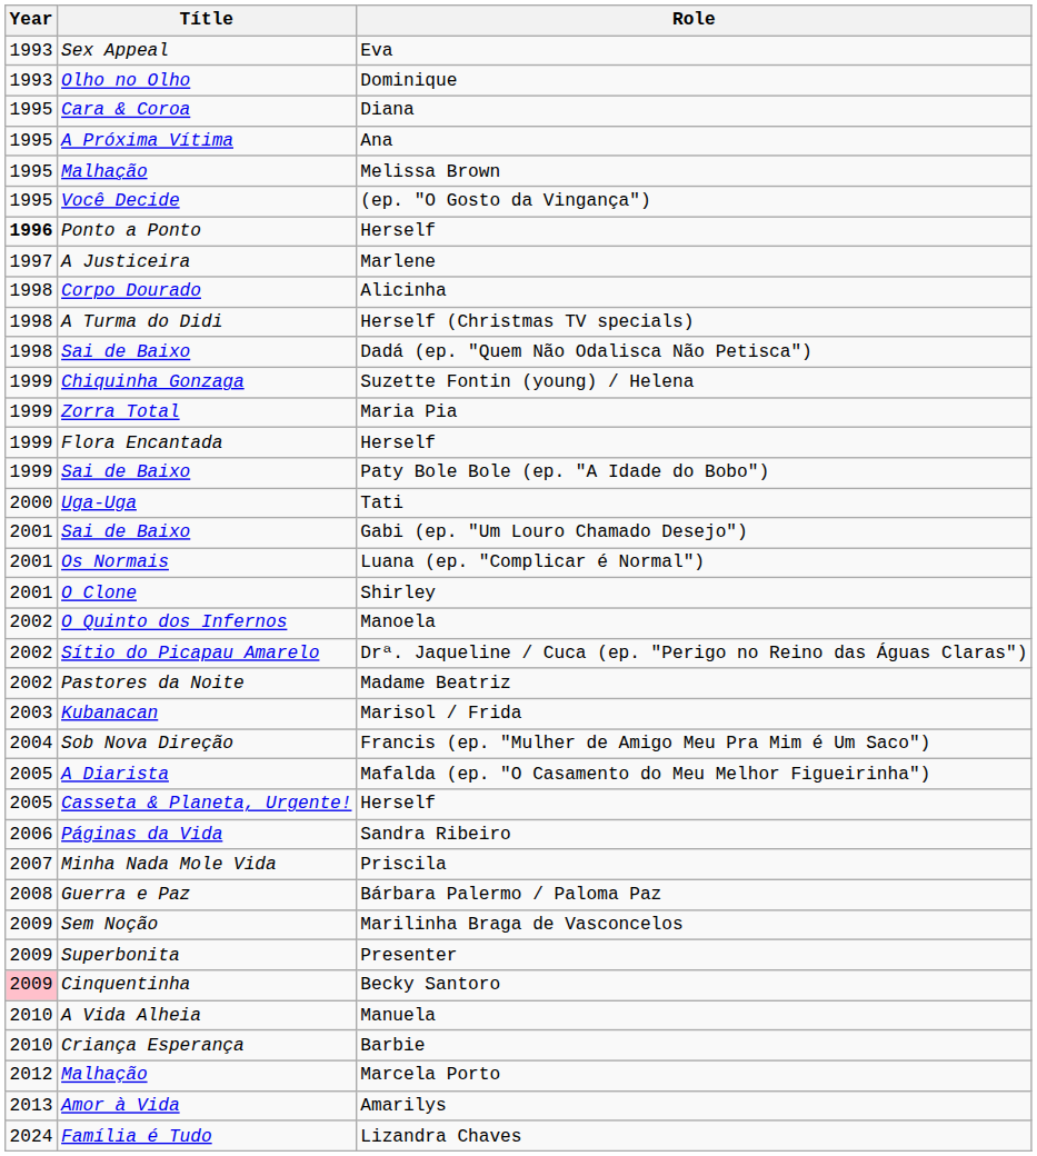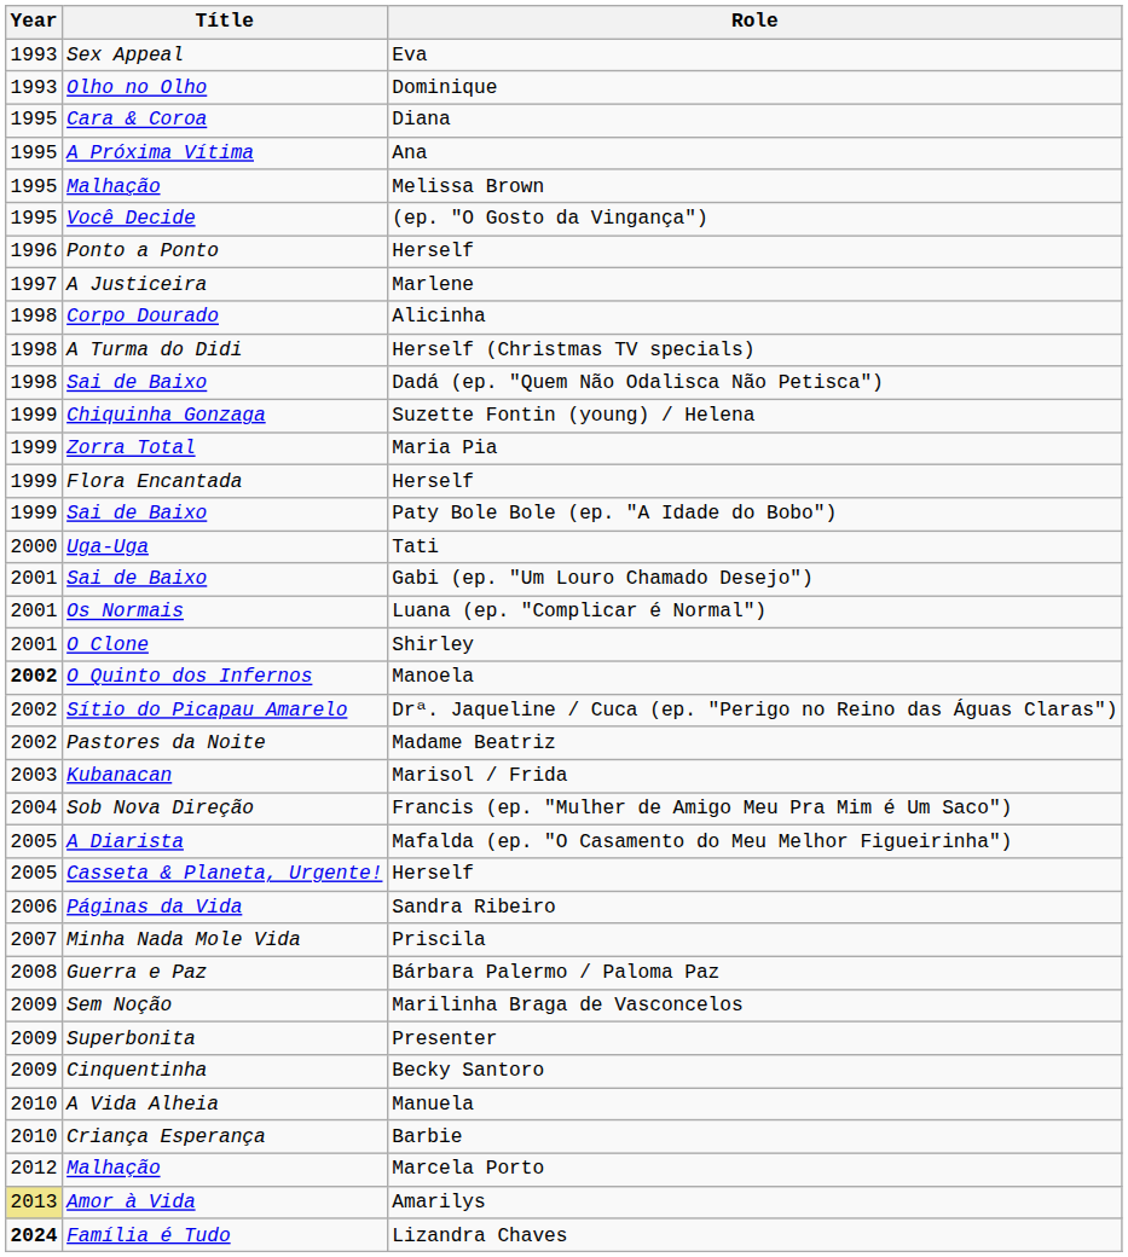 <table class="wikitable" style="font-size: 90%;">
 <tr>
 <th>Year</th>
 <th>Títle</th>
 <th>Role</th>
 </tr>
 <tr>
 <td>1993</td>
 <td><em>Sex Appeal</em></td>
 <td>Eva</td>
 </tr>
 <tr>
 <td>1993</td>
 <td><em><a href='#'>Olho no Olho</a></em></td>
 <td>Dominique</td>
 </tr>
 <tr>
 <td>1995</td>
 <td><em><a href='#'>Cara & Coroa</a></em></td>
 <td>Diana</td>
 </tr>
 <tr>
 <td>1995</td>
 <td><em><a href='#'>A Próxima Vítima</a></em></td>
 <td>Ana</td>
 </tr>
 <tr>
 <td>1995</td>
 <td><em><a href='#'>Malhação</a></em></td>
 <td>Melissa Brown</td>
 </tr>
 <tr>
 <td>1995</td>
 <td><em><a href='#'>Você Decide</a></em></td>
 <td>(ep. "O Gosto da Vingança")</td>
 </tr>
 <tr>
-<td><strong>1996</strong></td>
+<td>1996</td>
 <td><em>Ponto a Ponto</em></td>
 <td>Herself</td>
 </tr>
 <tr>
 <td>1997</td>
 <td><em>A Justiceira</em></td>
 <td>Marlene</td>
 </tr>
 <tr>
 <td>1998</td>
 <td><em><a href='#'>Corpo Dourado</a></em></td>
 <td>Alicinha</td>
 </tr>
 <tr>
 <td>1998</td>
 <td><em>A Turma do Didi</em></td>
 <td>Herself (Christmas TV specials)</td>
 </tr>
 <tr>
 <td>1998</td>
 <td><em><a href='#'>Sai de Baixo</a></em></td>
 <td>Dadá (ep. "Quem Não Odalisca Não Petisca")</td>
 </tr>
 <tr>
 <td>1999</td>
 <td><em><a href='#'>Chiquinha Gonzaga</a></em></td>
 <td>Suzette Fontin (young) / Helena</td>
 </tr>
 <tr>
 <td>1999</td>
 <td><em><a href='#'>Zorra Total</a></em></td>
 <td>Maria Pia</td>
 </tr>
 <tr>
 <td>1999</td>
 <td><em>Flora Encantada</em></td>
 <td>Herself</td>
 </tr>
 <tr>
 <td>1999</td>
 <td><em><a href='#'>Sai de Baixo</a></em></td>
 <td>Paty Bole Bole (ep. "A Idade do Bobo")</td>
 </tr>
 <tr>
 <td>2000</td>
 <td><em><a href='#'>Uga-Uga</a></em></td>
 <td>Tati</td>
 </tr>
 <tr>
 <td>2001</td>
 <td><em><a href='#'>Sai de Baixo</a></em></td>
 <td>Gabi (ep. "Um Louro Chamado Desejo")</td>
 </tr>
 <tr>
 <td>2001</td>
 <td><em><a href='#'>Os Normais</a></em></td>
 <td>Luana (ep. "Complicar é Normal")</td>
 </tr>
 <tr>
 <td>2001</td>
 <td><em><a href='#'>O Clone</a></em></td>
 <td>Shirley</td>
 </tr>
 <tr>
-<td>2002</td>
+<td><strong>2002</strong></td>
 <td><em><a href='#'>O Quinto dos Infernos</a></em></td>
 <td>Manoela</td>
 </tr>
 <tr>
 <td>2002</td>
 <td><em><a href='#'>Sítio do Picapau Amarelo</a></em></td>
 <td>Drª. Jaqueline / Cuca (ep. "Perigo no Reino das Águas Claras")</td>
 </tr>
 <tr>
 <td>2002</td>
 <td><em>Pastores da Noite</em></td>
 <td>Madame Beatriz</td>
 </tr>
 <tr>
 <td>2003</td>
 <td><em><a href='#'>Kubanacan</a></em></td>
 <td>Marisol / Frida</td>
 </tr>
 <tr>
 <td>2004</td>
 <td><em>Sob Nova Direção</em></td>
 <td>Francis (ep. "Mulher de Amigo Meu Pra Mim é Um Saco")</td>
 </tr>
 <tr>
 <td>2005</td>
 <td><em><a href='#'>A Diarista</a></em></td>
 <td>Mafalda (ep. "O Casamento do Meu Melhor Figueirinha")</td>
 </tr>
 <tr>
 <td>2005</td>
 <td><em><a href='#'>Casseta & Planeta, Urgente!</a></em></td>
 <td>Herself</td>
 </tr>
 <tr>
 <td>2006</td>
 <td><em><a href='#'>Páginas da Vida</a></em></td>
 <td>Sandra Ribeiro</td>
 </tr>
 <tr>
 <td>2007</td>
 <td><em>Minha Nada Mole Vida</em></td>
 <td>Priscila</td>
 </tr>
 <tr>
 <td>2008</td>
 <td><em>Guerra e Paz</em></td>
 <td>Bárbara Palermo / Paloma Paz</td>
 </tr>
 <tr>
 <td>2009</td>
 <td><em>Sem Noção</em></td>
 <td>Marilinha Braga de Vasconcelos</td>
 </tr>
 <tr>
 <td>2009</td>
 <td><em>Superbonita</em></td>
 <td>Presenter</td>
 </tr>
 <tr>
-<td style="background: pink;">2009</td>
+<td>2009</td>
 <td><em>Cinquentinha</em></td>
 <td>Becky Santoro</td>
 </tr>
 <tr>
 <td>2010</td>
 <td><em>A Vida Alheia</em></td>
 <td>Manuela</td>
 </tr>
 <tr>
 <td>2010</td>
 <td><em>Criança Esperança</em></td>
 <td>Barbie</td>
 </tr>
 <tr>
 <td>2012</td>
 <td><em><a href='#'>Malhação</a></em></td>
 <td>Marcela Porto</td>
 </tr>
 <tr>
-<td>2013</td>
+<td style="background: khaki;">2013</td>
 <td><em><a href='#'>Amor à Vida</a></em></td>
 <td>Amarilys</td>
 </tr>
 <tr>
-<td>2024</td>
+<td><strong>2024</strong></td>
 <td><em><a href='#'>Família é Tudo</a></em></td>
 <td>Lizandra Chaves</td>
 </tr>
 <tr>
 </tr>
 </table>
